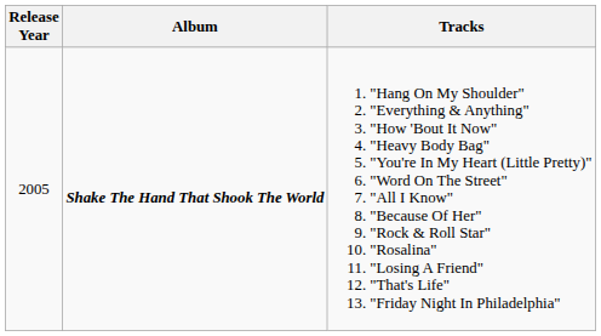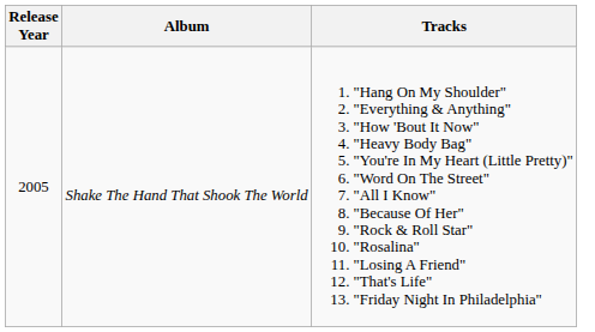 <table class="wikitable" style="text-align:center">
 <tr bgcolor="#CCCCCC">
 <th>Release<br>Year</th>
 <th>Album</th>
 <th>Tracks</th>
 </tr>
 <tr>
 <td>2005</td>
-<td><strong><br><em>Shake The Hand That Shook The World</em></strong></td>
+<td><br><em>Shake The Hand That Shook The World</em></td>
 <td align="left"><br><ol><li>"Hang On My Shoulder"</li><li>"Everything & Anything"</li><li>"How 'Bout It Now"</li><li>"Heavy Body Bag"</li><li>"You're In My Heart (Little Pretty)"</li><li>"Word On The Street"</li><li>"All I Know"</li><li>"Because Of Her"</li><li>"Rock & Roll Star"</li><li>"Rosalina"</li><li>"Losing A Friend"</li><li>"That's Life"</li><li>"Friday Night In Philadelphia"</li></ol></td>
 </tr>
 </table>
